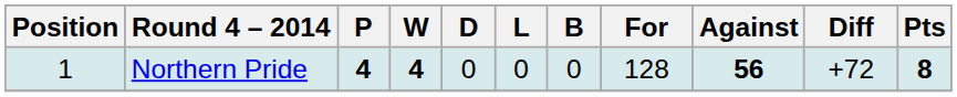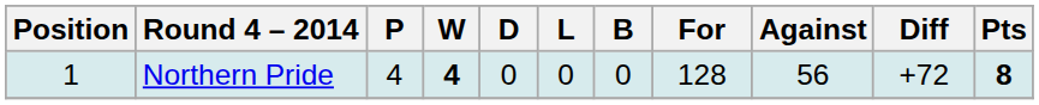 <table class="wikitable" style="text-align:center; font-size:85%;">
 <tr>
 <th width=40 abbr="Position">Position</th>
 <th width=100>Round 4 – 2014</th>
 <th width=20 abbr="Played">P</th>
 <th width=20 abbr="Won">W</th>
 <th width=20 abbr="Drawn">D</th>
 <th width=20 abbr="Lost">L</th>
 <th width=20 abbr="Bye">B</th>
 <th width=40 abbr="Points for">For</th>
 <th width=40 abbr="Points against">Against</th>
 <th width=40 abbr="Points difference">Diff</th>
 <th width=20 abbr="Points">Pts</th>
 </tr>
 <tr style="background: #d7ebed;">
 <td>1</td>
 <td style="text-align:left;"> <a href='#'>Northern Pride</a></td>
-<td><strong>4</strong></td>
+<td>4</td>
 <td><strong>4</strong></td>
 <td>0</td>
 <td>0</td>
 <td>0</td>
 <td>128</td>
-<td><strong>56</strong></td>
+<td>56</td>
 <td>+72</td>
 <td><strong>8</strong></td>
 </tr>
 <tr>
 </tr>
 </table>
